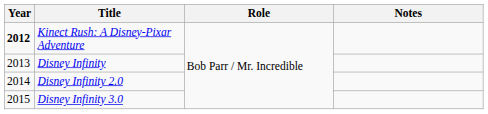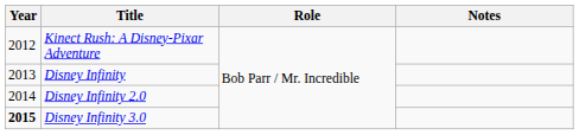 <table class="wikitable sortable">
 <tr>
 <th width=35px>Year</th>
 <th width=200px>Title</th>
 <th width=200px>Role</th>
 <th width=200px>Notes</th>
 </tr>
 <tr>
-<td><strong>2012</strong></td>
+<td>2012</td>
 <td><em><a href='#'>Kinect Rush: A Disney-Pixar Adventure</a></em></td>
 <td rowspan="4">Bob Parr / Mr. Incredible</td>
 <td></td>
 </tr>
 <tr>
 <td>2013</td>
 <td><em><a href='#'>Disney Infinity</a></em></td>
 <td></td>
 </tr>
 <tr>
 <td>2014</td>
 <td><em><a href='#'>Disney Infinity 2.0</a></em></td>
 <td></td>
 </tr>
 <tr>
-<td>2015</td>
+<td><strong>2015</strong></td>
 <td><em><a href='#'>Disney Infinity 3.0</a></em></td>
 <td></td>
 </tr>
 </table>
